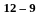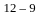 <table style="text-align:center">
 <tr>
 <th width=200></th>
 <th width=100></th>
 <th width=200></th>
 </tr>
 <tr>
 <td align=right><strong></strong></td>
-<td><strong>12 – 9</strong></td>
+<td>12 – 9</td>
 <td align=left></td>
 </tr>
 </table>
